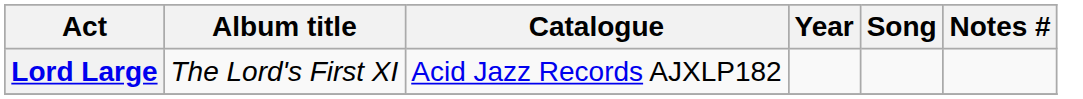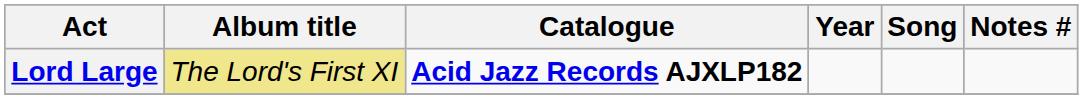 <table class="wikitable plainrowheaders sortable">
 <tr>
 <th scope="col" class="unsortable">Act</th>
 <th scope="col">Album title</th>
 <th scope="col">Catalogue</th>
 <th scope="col">Year</th>
 <th scope="col">Song</th>
 <th scope="col" class="unsortable">Notes #</th>
 </tr>
 <tr>
 <th scope="row"><a href='#'>Lord Large</a></th>
-<td><em>The Lord's First XI</em></td>
-<td><a href='#'>Acid Jazz Records</a> AJXLP182</td>
+<td style="background: khaki;"><em>The Lord's First XI</em></td>
+<td><strong><a href='#'>Acid Jazz Records</a> AJXLP182</strong></td>
 <td></td>
 <td></td>
 <td></td>
 </tr>
 <tr>
 </tr>
 </table>
